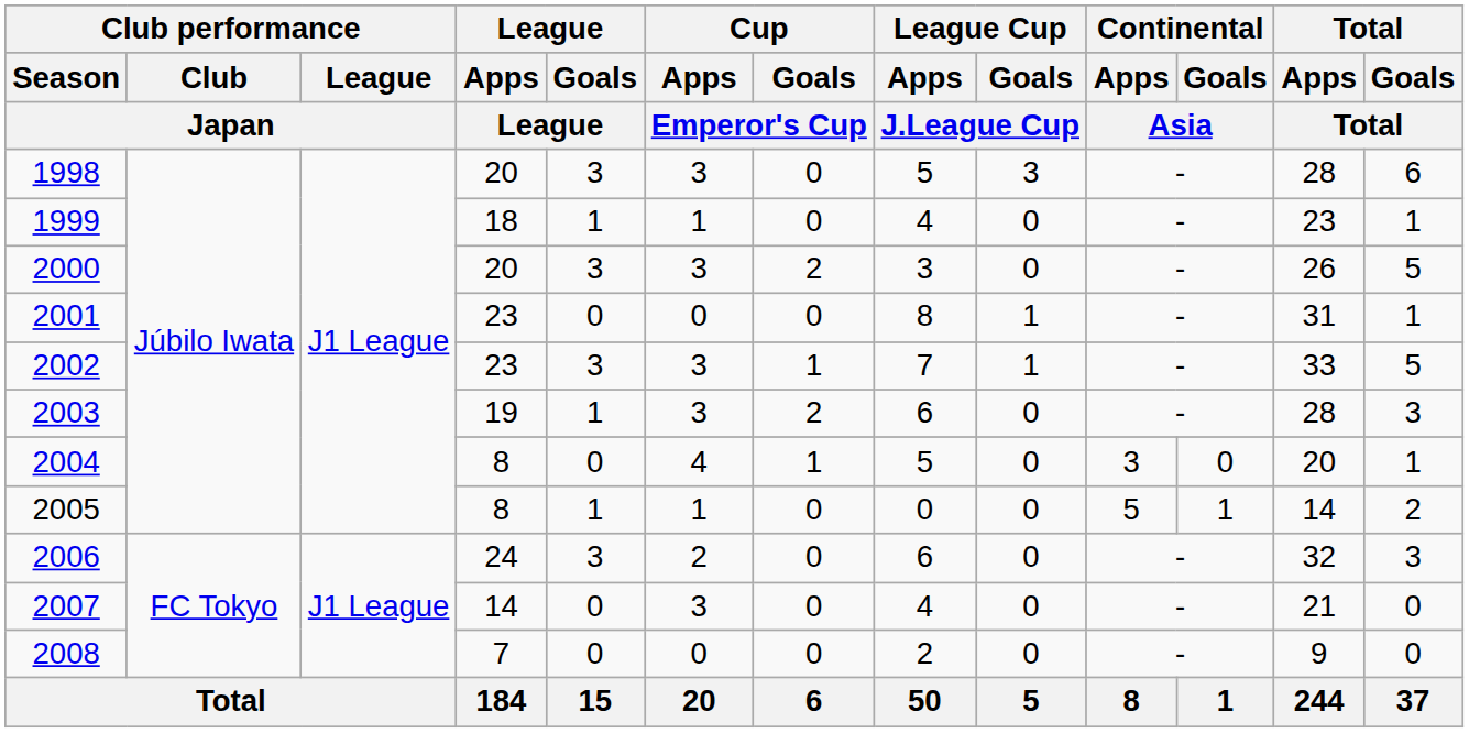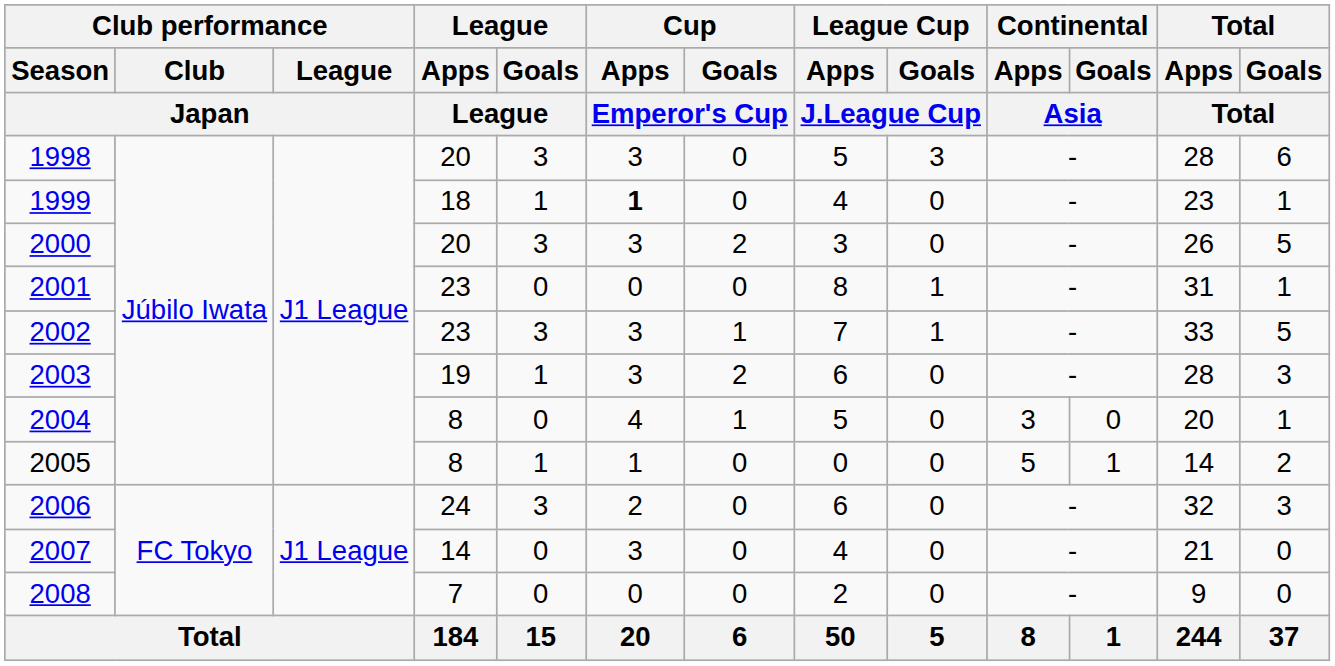 <table class="wikitable" style="text-align:center;">
 <tr>
 <th colspan=3>Club performance</th>
 <th colspan=2>League</th>
 <th colspan=2>Cup</th>
 <th colspan=2>League Cup</th>
 <th colspan=2>Continental</th>
 <th colspan=2>Total</th>
 </tr>
 <tr>
 <th>Season</th>
 <th>Club</th>
 <th>League</th>
 <th>Apps</th>
 <th>Goals</th>
 <th>Apps</th>
 <th>Goals</th>
 <th>Apps</th>
 <th>Goals</th>
 <th>Apps</th>
 <th>Goals</th>
 <th>Apps</th>
 <th>Goals</th>
 </tr>
 <tr>
 <th colspan=3>Japan</th>
 <th colspan=2>League</th>
 <th colspan=2><a href='#'>Emperor's Cup</a></th>
 <th colspan=2><a href='#'>J.League Cup</a></th>
 <th colspan=2><a href='#'>Asia</a></th>
 <th colspan=2>Total</th>
 </tr>
 <tr>
 <td><a href='#'>1998</a></td>
 <td rowspan="8"><a href='#'>Júbilo Iwata</a></td>
 <td rowspan="8"><a href='#'>J1 League</a></td>
 <td>20</td>
 <td>3</td>
 <td>3</td>
 <td>0</td>
 <td>5</td>
 <td>3</td>
 <td colspan="2">-</td>
 <td>28</td>
 <td>6</td>
 </tr>
 <tr>
 <td><a href='#'>1999</a></td>
 <td>18</td>
 <td>1</td>
-<td>1</td>
+<td><strong>1</strong></td>
 <td>0</td>
 <td>4</td>
 <td>0</td>
 <td colspan="2">-</td>
 <td>23</td>
 <td>1</td>
 </tr>
 <tr>
 <td><a href='#'>2000</a></td>
 <td>20</td>
 <td>3</td>
 <td>3</td>
 <td>2</td>
 <td>3</td>
 <td>0</td>
 <td colspan="2">-</td>
 <td>26</td>
 <td>5</td>
 </tr>
 <tr>
 <td><a href='#'>2001</a></td>
 <td>23</td>
 <td>0</td>
 <td>0</td>
 <td>0</td>
 <td>8</td>
 <td>1</td>
 <td colspan="2">-</td>
 <td>31</td>
 <td>1</td>
 </tr>
 <tr>
 <td><a href='#'>2002</a></td>
 <td>23</td>
 <td>3</td>
 <td>3</td>
 <td>1</td>
 <td>7</td>
 <td>1</td>
 <td colspan="2">-</td>
 <td>33</td>
 <td>5</td>
 </tr>
 <tr>
 <td><a href='#'>2003</a></td>
 <td>19</td>
 <td>1</td>
 <td>3</td>
 <td>2</td>
 <td>6</td>
 <td>0</td>
 <td colspan="2">-</td>
 <td>28</td>
 <td>3</td>
 </tr>
 <tr>
 <td><a href='#'>2004</a></td>
 <td>8</td>
 <td>0</td>
 <td>4</td>
 <td>1</td>
 <td>5</td>
 <td>0</td>
 <td>3</td>
 <td>0</td>
 <td>20</td>
 <td>1</td>
 </tr>
 <tr>
 <td>2005</td>
 <td>8</td>
 <td>1</td>
 <td>1</td>
 <td>0</td>
 <td>0</td>
 <td>0</td>
 <td>5</td>
 <td>1</td>
 <td>14</td>
 <td>2</td>
 </tr>
 <tr>
 <td><a href='#'>2006</a></td>
 <td rowspan="3"><a href='#'>FC Tokyo</a></td>
 <td rowspan="3"><a href='#'>J1 League</a></td>
 <td>24</td>
 <td>3</td>
 <td>2</td>
 <td>0</td>
 <td>6</td>
 <td>0</td>
 <td colspan="2">-</td>
 <td>32</td>
 <td>3</td>
 </tr>
 <tr>
 <td><a href='#'>2007</a></td>
 <td>14</td>
 <td>0</td>
 <td>3</td>
 <td>0</td>
 <td>4</td>
 <td>0</td>
 <td colspan="2">-</td>
 <td>21</td>
 <td>0</td>
 </tr>
 <tr>
 <td><a href='#'>2008</a></td>
 <td>7</td>
 <td>0</td>
 <td>0</td>
 <td>0</td>
 <td>2</td>
 <td>0</td>
 <td colspan="2">-</td>
 <td>9</td>
 <td>0</td>
 </tr>
 <tr>
 <th colspan=3>Total</th>
 <th>184</th>
 <th>15</th>
 <th>20</th>
 <th>6</th>
 <th>50</th>
 <th>5</th>
 <th>8</th>
 <th>1</th>
 <th>244</th>
 <th>37</th>
 </tr>
 </table>
